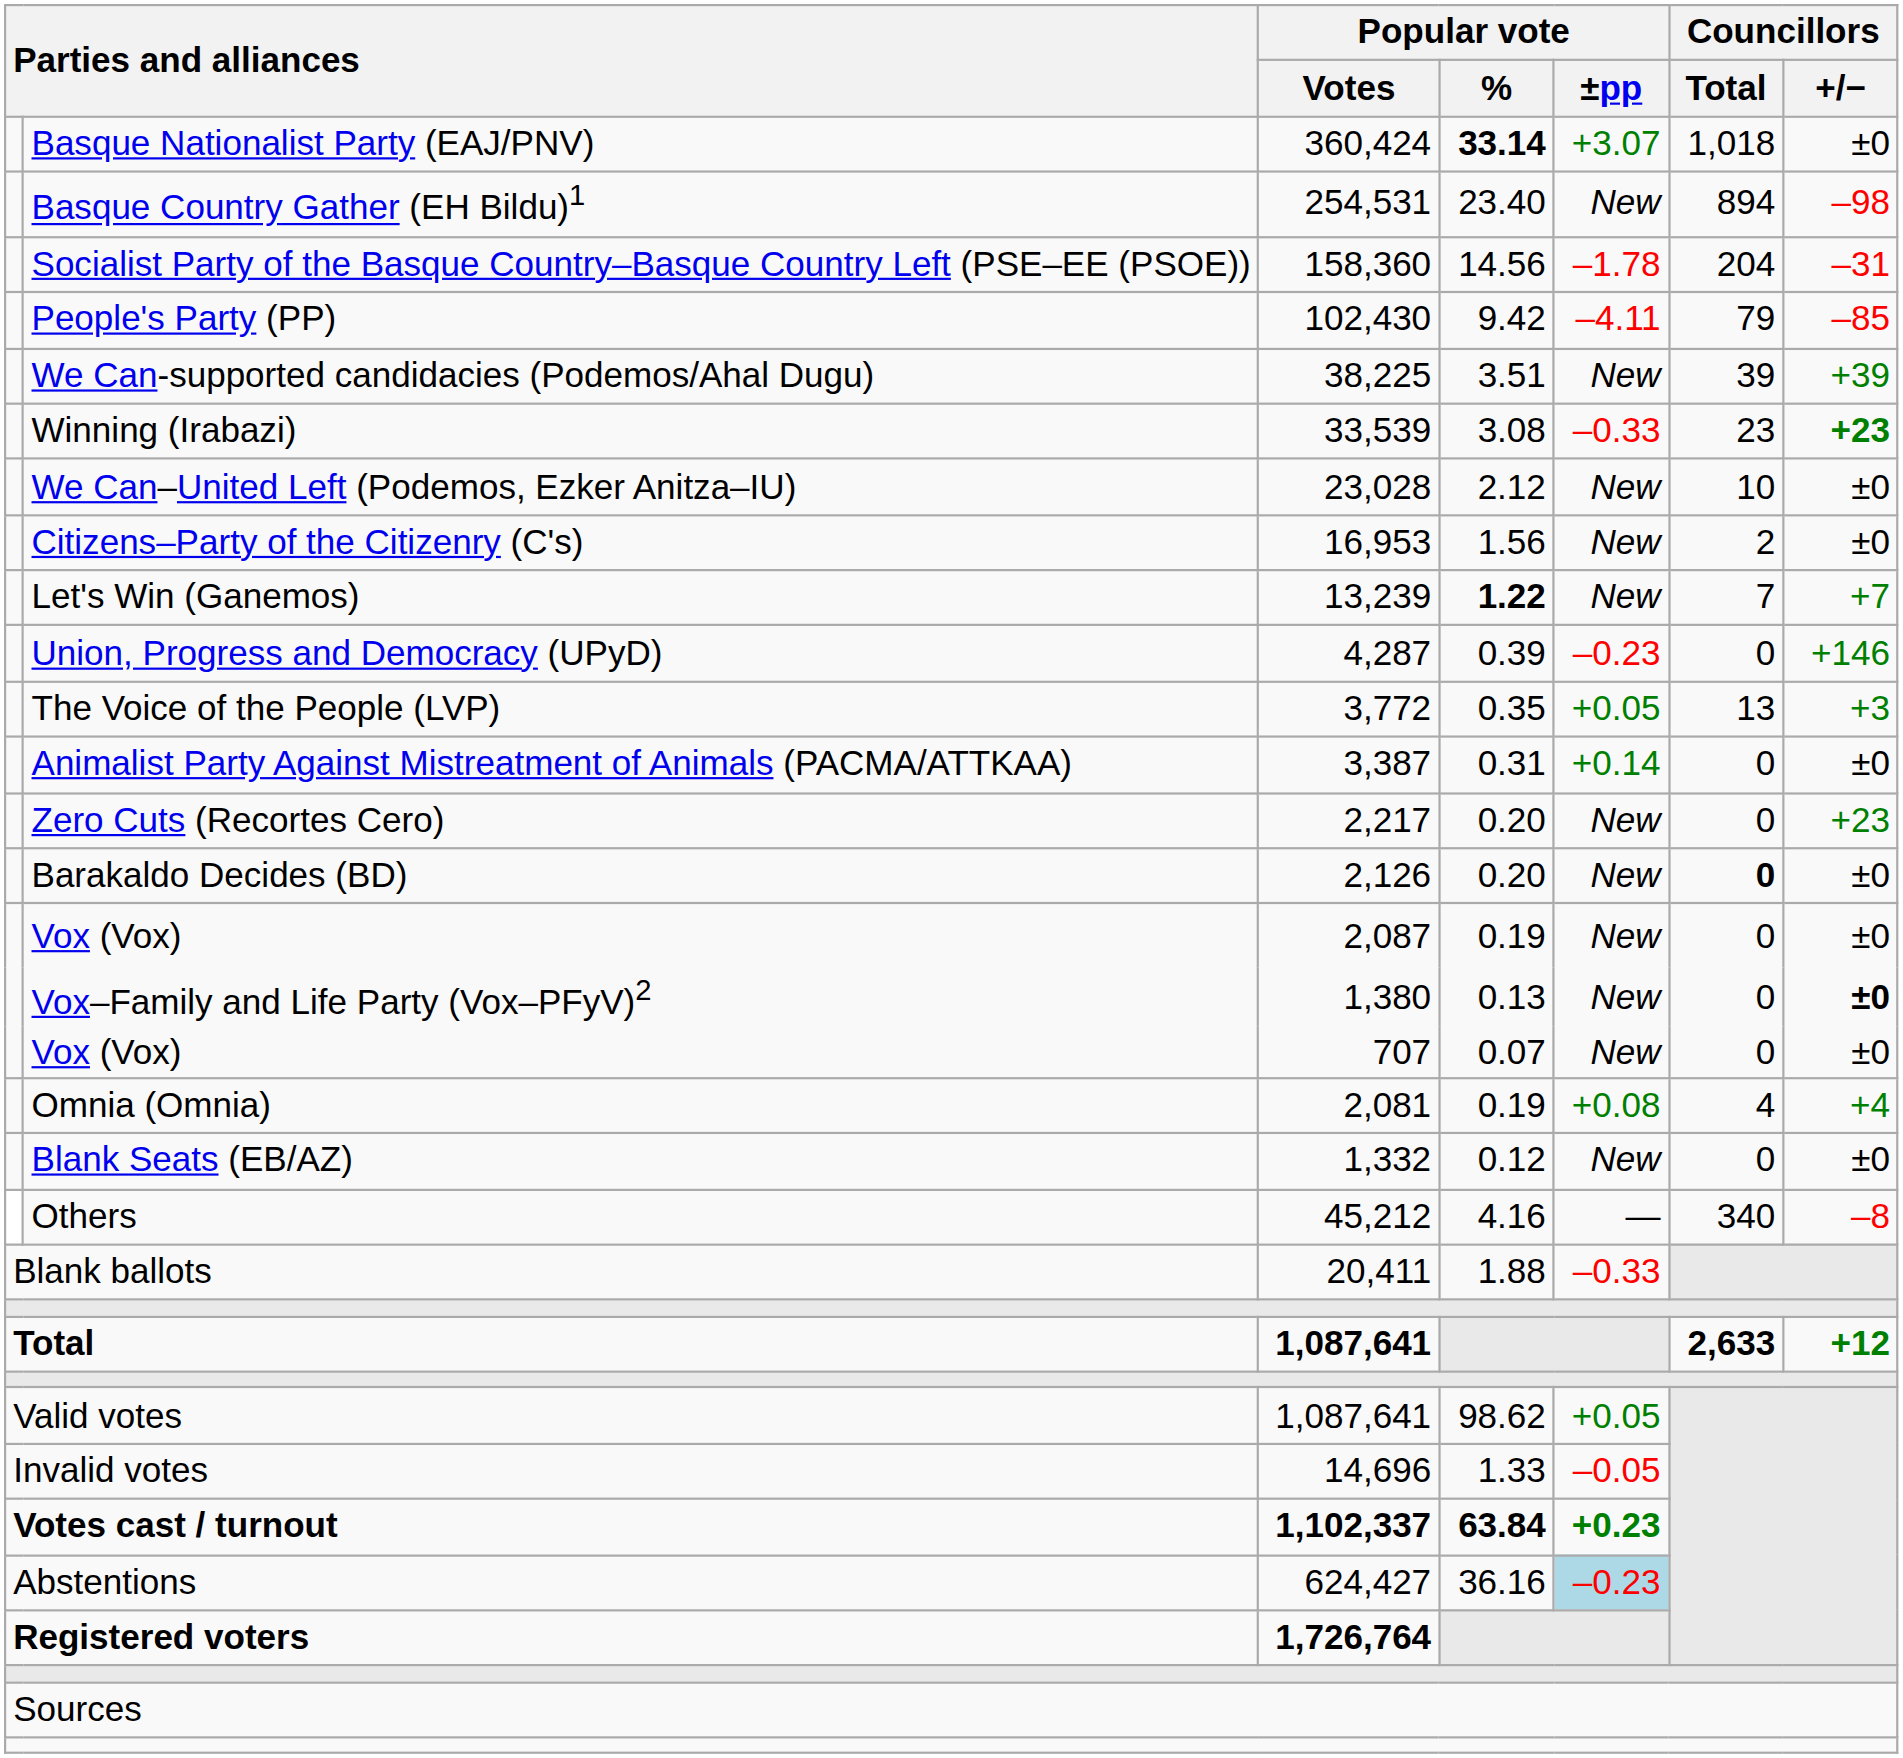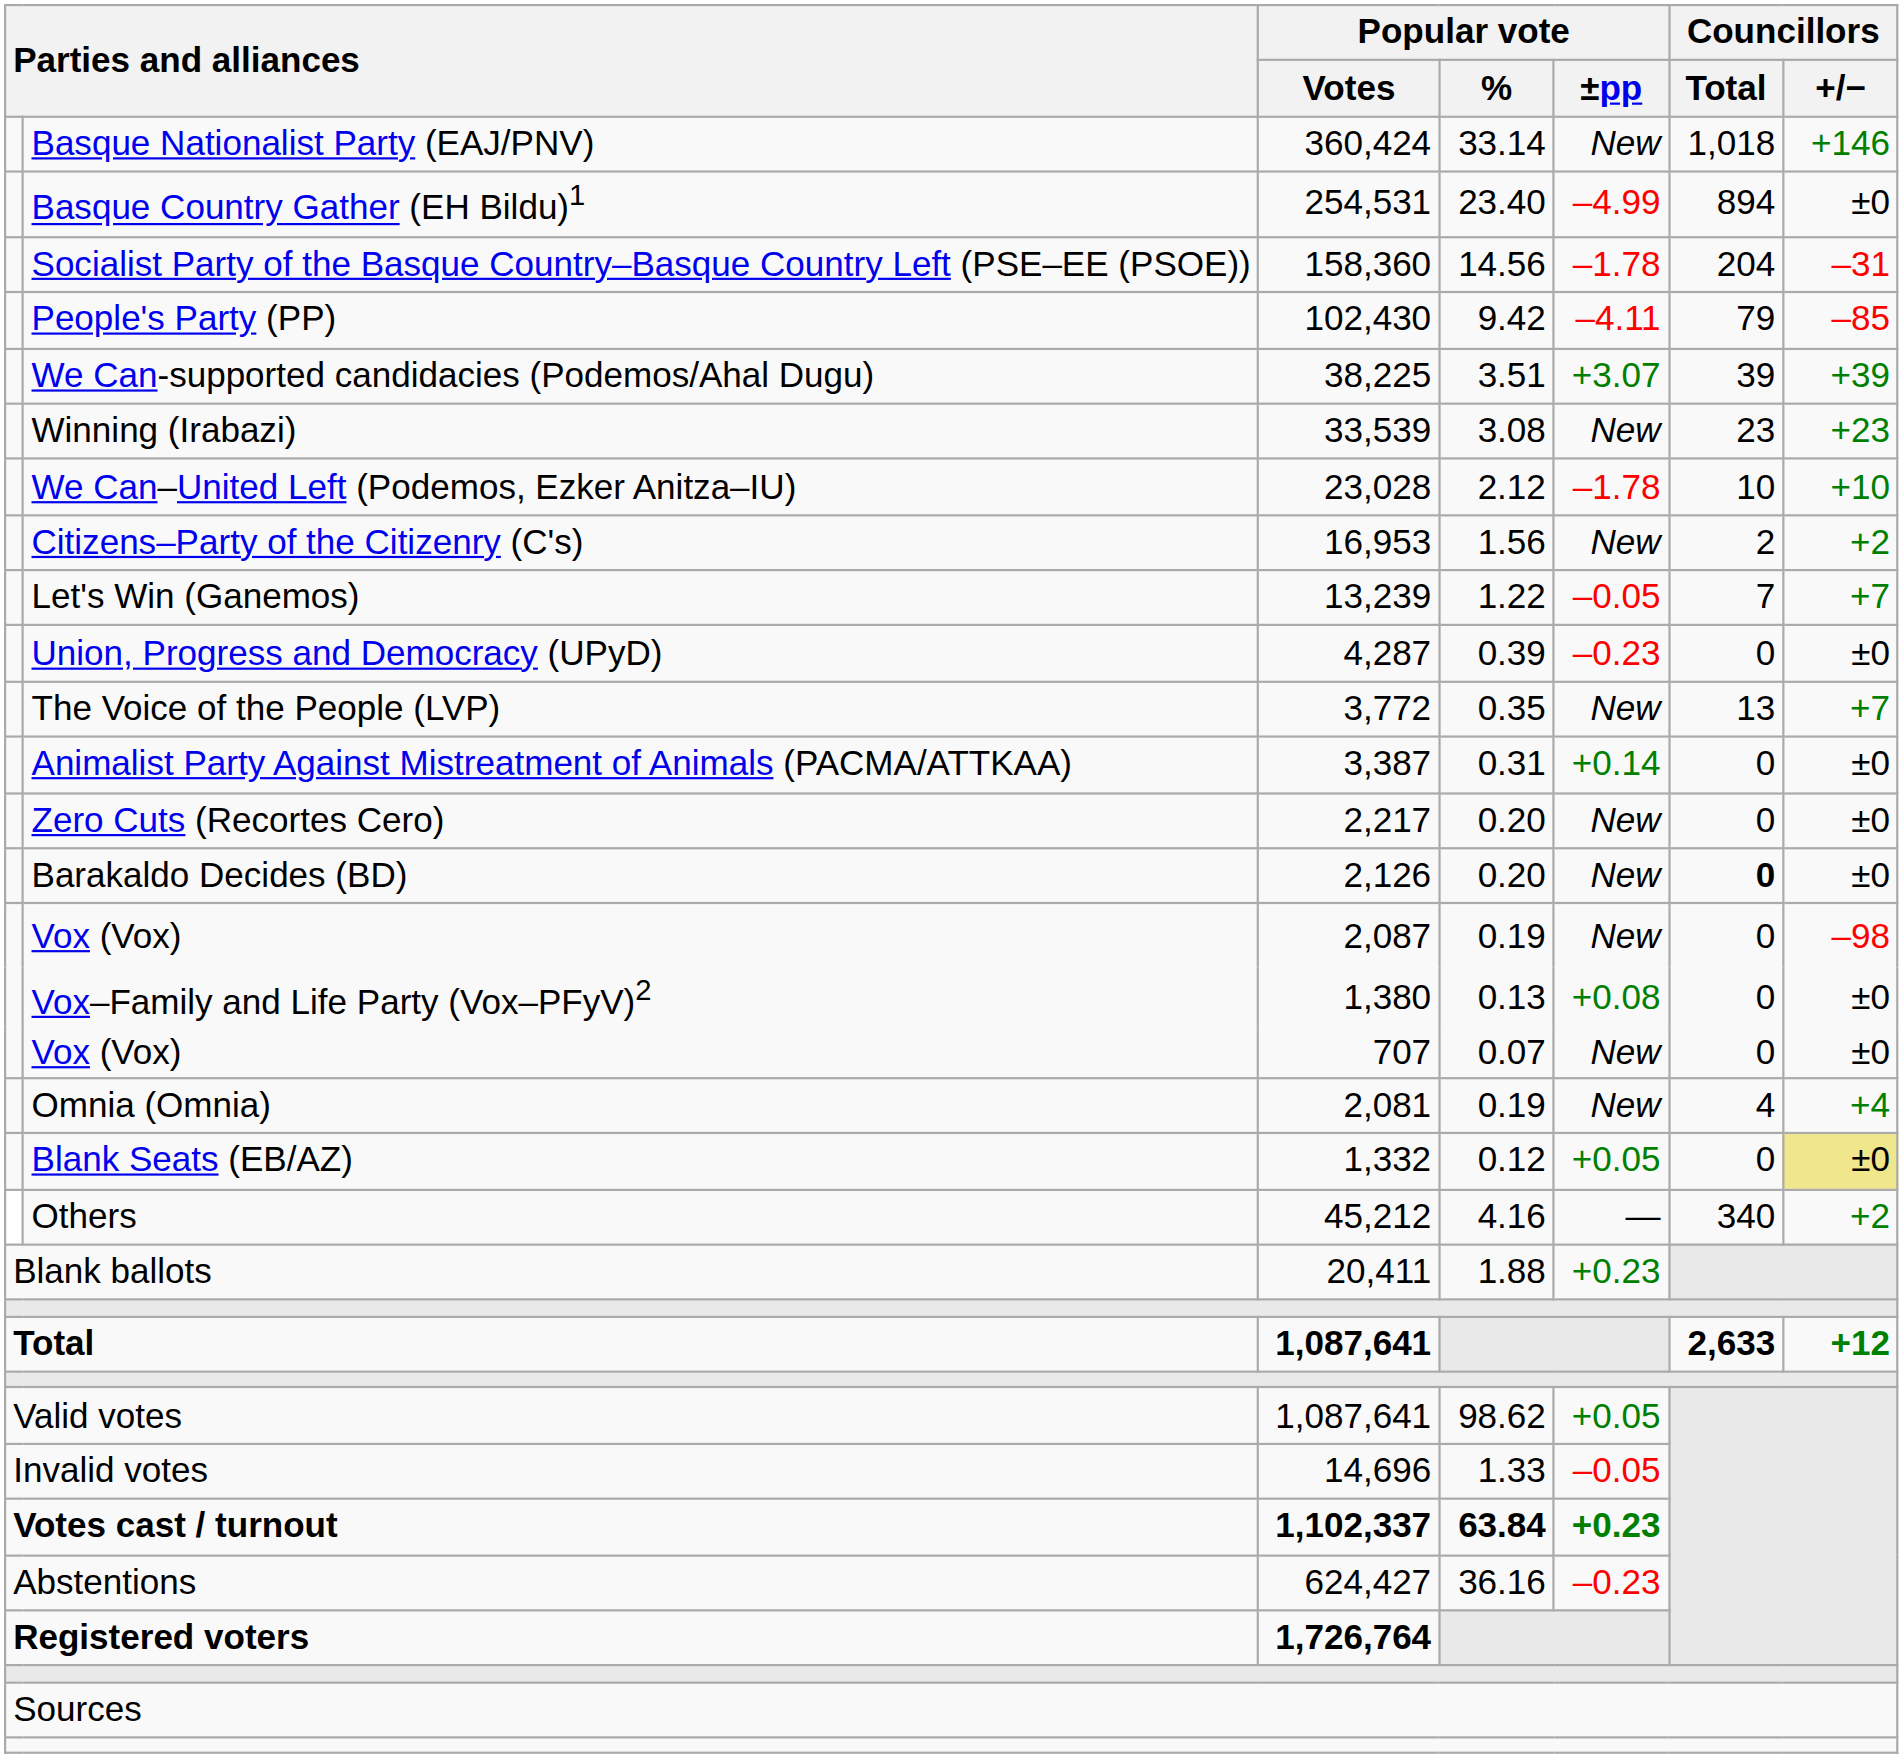 <table class="wikitable" style="text-align:right;">
 <tr>
 <th style="text-align:left;" rowspan="2" colspan="2" width="525">Parties and alliances</th>
 <th colspan="3">Popular vote</th>
 <th colspan="2">Councillors</th>
 </tr>
 <tr>
 <th width="75">Votes</th>
 <th width="45">%</th>
 <th width="45">±<a href='#'>pp</a></th>
 <th width="45">Total</th>
 <th width="45">+/−</th>
 </tr>
 <tr>
 <td width="1" style="color:inherit;background:"></td>
 <td align="left"><a href='#'>Basque Nationalist Party</a> (EAJ/PNV)</td>
 <td>360,424</td>
-<td><strong>33.14</strong></td>
-<td style="color:green;">+3.07</td>
+<td>33.14</td>
+<td><em>New</em></td>
 <td>1,018</td>
-<td>±0</td>
+<td style="color:green;">+146</td>
 </tr>
 <tr>
 <td style="color:inherit;background:"></td>
 <td align="left"><a href='#'>Basque Country Gather</a> (EH Bildu)<sup>1</sup></td>
 <td>254,531</td>
 <td>23.40</td>
-<td><em>New</em></td>
+<td style="color:red;">–4.99</td>
 <td>894</td>
-<td style="color:red;">–98</td>
+<td>±0</td>
 </tr>
 <tr>
 <td style="color:inherit;background:"></td>
 <td align="left"><a href='#'>Socialist Party of the Basque Country–Basque Country Left</a> (PSE–EE (PSOE))</td>
 <td>158,360</td>
 <td>14.56</td>
 <td style="color:red;">–1.78</td>
 <td>204</td>
 <td style="color:red;">–31</td>
 </tr>
 <tr>
 <td style="color:inherit;background:"></td>
 <td align="left"><a href='#'>People's Party</a> (PP)</td>
 <td>102,430</td>
 <td>9.42</td>
 <td style="color:red;">–4.11</td>
 <td>79</td>
 <td style="color:red;">–85</td>
 </tr>
 <tr>
 <td style="color:inherit;background:"></td>
 <td align="left"><a href='#'>We Can</a>-supported candidacies (Podemos/Ahal Dugu)</td>
 <td>38,225</td>
 <td>3.51</td>
-<td><em>New</em></td>
+<td style="color:green;">+3.07</td>
 <td>39</td>
 <td style="color:green;">+39</td>
 </tr>
 <tr>
 <td style="color:inherit;background:"></td>
 <td align="left">Winning (Irabazi)</td>
 <td>33,539</td>
 <td>3.08</td>
-<td style="color:red;">–0.33</td>
+<td><em>New</em></td>
 <td>23</td>
-<td style="color:green;"><strong>+23</strong></td>
+<td style="color:green;">+23</td>
 </tr>
 <tr>
 <td style="color:inherit;background:"></td>
 <td align="left"><a href='#'>We Can</a>–<a href='#'>United Left</a> (Podemos, Ezker Anitza–IU)</td>
 <td>23,028</td>
 <td>2.12</td>
-<td><em>New</em></td>
+<td style="color:red;">–1.78</td>
 <td>10</td>
-<td>±0</td>
+<td style="color:green;">+10</td>
 </tr>
 <tr>
 <td style="color:inherit;background:"></td>
 <td align="left"><a href='#'>Citizens–Party of the Citizenry</a> (C's)</td>
 <td>16,953</td>
 <td>1.56</td>
 <td><em>New</em></td>
 <td>2</td>
-<td>±0</td>
+<td style="color:green;">+2</td>
 </tr>
 <tr>
 <td style="color:inherit;background:"></td>
 <td align="left">Let's Win (Ganemos)</td>
 <td>13,239</td>
-<td><strong>1.22</strong></td>
-<td><em>New</em></td>
+<td>1.22</td>
+<td style="color:red;">–0.05</td>
 <td>7</td>
 <td style="color:green;">+7</td>
 </tr>
 <tr>
 <td style="color:inherit;background:"></td>
 <td align="left"><a href='#'>Union, Progress and Democracy</a> (UPyD)</td>
 <td>4,287</td>
 <td>0.39</td>
 <td style="color:red;">–0.23</td>
 <td>0</td>
-<td style="color:green;">+146</td>
+<td>±0</td>
 </tr>
 <tr>
 <td style="color:inherit;background:"></td>
 <td align="left">The Voice of the People (LVP)</td>
 <td>3,772</td>
 <td>0.35</td>
-<td style="color:green;">+0.05</td>
+<td><em>New</em></td>
 <td>13</td>
-<td style="color:green;">+3</td>
+<td style="color:green;">+7</td>
 </tr>
 <tr>
 <td style="color:inherit;background:"></td>
 <td align="left"><a href='#'>Animalist Party Against Mistreatment of Animals</a> (PACMA/ATTKAA)</td>
 <td>3,387</td>
 <td>0.31</td>
 <td style="color:green;">+0.14</td>
 <td>0</td>
 <td>±0</td>
 </tr>
 <tr>
 <td style="color:inherit;background:"></td>
 <td align="left"><a href='#'>Zero Cuts</a> (Recortes Cero)</td>
 <td>2,217</td>
 <td>0.20</td>
 <td><em>New</em></td>
 <td>0</td>
-<td style="color:green;">+23</td>
+<td>±0</td>
 </tr>
 <tr>
 <td style="color:inherit;background:"></td>
 <td align="left">Barakaldo Decides (BD)</td>
 <td>2,126</td>
 <td>0.20</td>
 <td><em>New</em></td>
 <td><strong>0</strong></td>
 <td>±0</td>
 </tr>
 <tr style="line-height:22px;">
 <td rowspan="3" style="color:inherit;background:"></td>
 <td align="left"><a href='#'>Vox</a> (Vox)</td>
 <td>2,087</td>
 <td>0.19</td>
 <td><em>New</em></td>
 <td>0</td>
-<td>±0</td>
+<td style="color:red;">–98</td>
 </tr>
 <tr style="border-bottom-style:hidden; border-top-style:hidden; line-height:16px;">
 <td align="left"><span><a href='#'>Vox</a>–Family and Life Party (Vox–PFyV)<sup>2</sup></span></td>
 <td>1,380</td>
 <td>0.13</td>
-<td><em>New</em></td>
+<td style="color:green;">+0.08</td>
 <td>0</td>
-<td><strong>±0</strong></td>
+<td>±0</td>
 </tr>
 <tr style="line-height:16px;">
 <td align="left"><span><a href='#'>Vox</a> (Vox)</span></td>
 <td>707</td>
 <td>0.07</td>
 <td><em>New</em></td>
 <td>0</td>
 <td>±0</td>
 </tr>
 <tr>
 <td style="color:inherit;background:"></td>
 <td align="left">Omnia (Omnia)</td>
 <td>2,081</td>
 <td>0.19</td>
-<td style="color:green;">+0.08</td>
+<td><em>New</em></td>
 <td>4</td>
 <td style="color:green;">+4</td>
 </tr>
 <tr>
 <td style="color:inherit;background:"></td>
 <td align="left"><a href='#'>Blank Seats</a> (EB/AZ)</td>
 <td>1,332</td>
 <td>0.12</td>
-<td><em>New</em></td>
+<td style="color:green;">+0.05</td>
 <td>0</td>
-<td>±0</td>
+<td style="background: khaki;">±0</td>
 </tr>
 <tr>
 <td bgcolor="white"></td>
 <td align="left">Others</td>
 <td>45,212</td>
 <td>4.16</td>
 <td>—</td>
 <td>340</td>
-<td style="color:red;">–8</td>
+<td style="color:green;">+2</td>
 </tr>
 <tr>
 <td align="left" colspan="2">Blank ballots</td>
 <td>20,411</td>
 <td>1.88</td>
-<td style="color:red;">–0.33</td>
+<td style="color:green;">+0.23</td>
 <td bgcolor="#E9E9E9" colspan="2"></td>
 </tr>
 <tr>
 <td colspan="7" bgcolor="#E9E9E9"></td>
 </tr>
 <tr style="font-weight:bold;">
 <td align="left" colspan="2">Total</td>
 <td>1,087,641</td>
 <td bgcolor="#E9E9E9" colspan="2"></td>
 <td>2,633</td>
 <td style="color:green;">+12</td>
 </tr>
 <tr>
 <td colspan="7" bgcolor="#E9E9E9"></td>
 </tr>
 <tr>
 <td align="left" colspan="2">Valid votes</td>
 <td>1,087,641</td>
 <td>98.62</td>
 <td style="color:green;">+0.05</td>
 <td bgcolor="#E9E9E9" colspan="2" rowspan="5"></td>
 </tr>
 <tr>
 <td align="left" colspan="2">Invalid votes</td>
 <td>14,696</td>
 <td>1.33</td>
 <td style="color:red;">–0.05</td>
 </tr>
 <tr style="font-weight:bold;">
 <td align="left" colspan="2">Votes cast / turnout</td>
 <td>1,102,337</td>
 <td>63.84</td>
 <td style="color:green;">+0.23</td>
 </tr>
 <tr>
 <td align="left" colspan="2">Abstentions</td>
 <td>624,427</td>
 <td>36.16</td>
-<td style="background: lightblue; color:red;">–0.23</td>
+<td style="color:red;">–0.23</td>
 </tr>
 <tr style="font-weight:bold;">
 <td align="left" colspan="2">Registered voters</td>
 <td>1,726,764</td>
 <td bgcolor="#E9E9E9" colspan="2"></td>
 </tr>
 <tr>
 <td colspan="7" bgcolor="#E9E9E9"></td>
 </tr>
 <tr>
 <td align="left" colspan="7">Sources</td>
 </tr>
 <tr>
 <td colspan="7" style="text-align:left; max-width:790px;"></td>
 </tr>
 </table>
